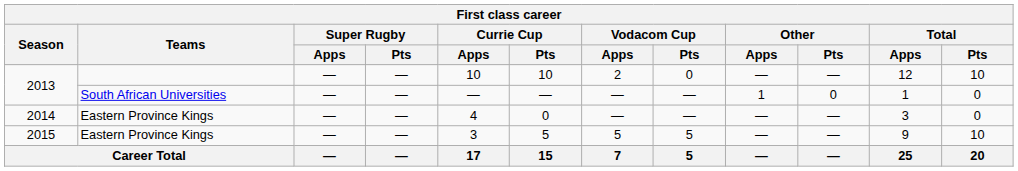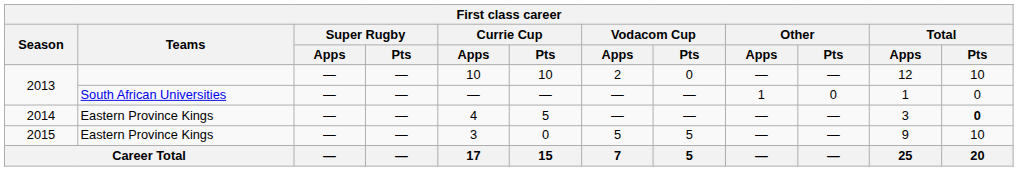 <table class="wikitable" style="text-align:center; font-size:85%; width:85%">
 <tr>
 <th colspan=100%>First class career</th>
 </tr>
 <tr>
 <th style="width:5%;"  rowspan=2>Season</th>
 <th style="width:15%;" rowspan=2>Teams</th>
 <th colspan=2>Super Rugby</th>
 <th colspan=2>Currie Cup</th>
 <th colspan=2>Vodacom Cup</th>
 <th colspan=2>Other</th>
 <th colspan=2>Total</th>
 </tr>
 <tr>
 <th style="width:5%;">Apps</th>
 <th style="width:5%;">Pts</th>
 <th style="width:5%;">Apps</th>
 <th style="width:5%;">Pts</th>
 <th style="width:5%;">Apps</th>
 <th style="width:5%;">Pts</th>
 <th style="width:5%;">Apps</th>
 <th style="width:5%;">Pts</th>
 <th style="width:5%;">Apps</th>
 <th style="width:5%;">Pts</th>
 </tr>
 <tr>
 <td rowspan=2>2013</td>
 <td style="text-align:left;"></td>
 <td>—</td>
 <td>—</td>
 <td>10</td>
 <td>10</td>
 <td>2</td>
 <td>0</td>
 <td>—</td>
 <td>—</td>
 <td>12</td>
 <td>10</td>
 </tr>
 <tr>
 <td style="text-align:left;"><a href='#'>South African Universities</a></td>
 <td>—</td>
 <td>—</td>
 <td>—</td>
 <td>—</td>
 <td>—</td>
 <td>—</td>
 <td>1</td>
 <td>0</td>
 <td>1</td>
 <td>0</td>
 </tr>
 <tr>
 <td>2014</td>
 <td style="text-align:left;">Eastern Province Kings</td>
 <td>—</td>
 <td>—</td>
 <td>4</td>
-<td>0</td>
+<td>5</td>
 <td>—</td>
 <td>—</td>
 <td>—</td>
 <td>—</td>
 <td>3</td>
-<td>0</td>
+<td><strong>0</strong></td>
 </tr>
 <tr>
 <td>2015</td>
 <td style="text-align:left;">Eastern Province Kings</td>
 <td>—</td>
 <td>—</td>
 <td>3</td>
-<td>5</td>
+<td>0</td>
 <td>5</td>
 <td>5</td>
 <td>—</td>
 <td>—</td>
 <td>9</td>
 <td>10</td>
 </tr>
 <tr>
 <th colspan=2>Career Total</th>
 <th>—</th>
 <th>—</th>
 <th>17</th>
 <th>15</th>
 <th>7</th>
 <th>5</th>
 <th>—</th>
 <th>—</th>
 <th>25</th>
 <th>20</th>
 </tr>
 </table>
